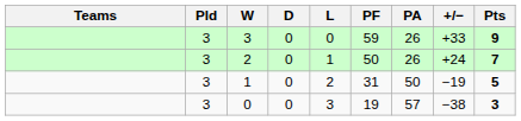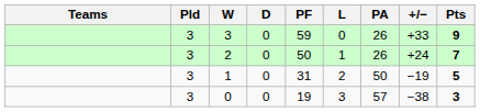 <table class="wikitable" style="text-align: center;">
 <tr>
 <th style="width:200px;">Teams</th>
 <th width="40">Pld</th>
 <th width="40">W</th>
 <th width="40">D</th>
+<th width="40">PF</th>
 <th width="40">L</th>
-<th width="40">PF</th>
 <th width="40">PA</th>
 <th width="40">+/−</th>
 <th width="40">Pts</th>
 </tr>
 <tr style="background:#cfc;">
 <td align=left></td>
 <td>3</td>
 <td>3</td>
 <td>0</td>
+<td>59</td>
 <td>0</td>
-<td>59</td>
 <td>26</td>
 <td>+33</td>
 <td><strong>9</strong></td>
 </tr>
 <tr style="background:#cfc;">
 <td align=left></td>
 <td>3</td>
 <td>2</td>
 <td>0</td>
+<td>50</td>
 <td>1</td>
-<td>50</td>
 <td>26</td>
 <td>+24</td>
 <td><strong>7</strong></td>
 </tr>
 <tr>
 <td align=left></td>
 <td>3</td>
 <td>1</td>
 <td>0</td>
+<td>31</td>
 <td>2</td>
-<td>31</td>
 <td>50</td>
 <td>−19</td>
 <td><strong>5</strong></td>
 </tr>
 <tr>
 <td align=left></td>
 <td>3</td>
 <td>0</td>
 <td>0</td>
+<td>19</td>
 <td>3</td>
-<td>19</td>
 <td>57</td>
 <td>−38</td>
 <td><strong>3</strong></td>
 </tr>
 </table>
